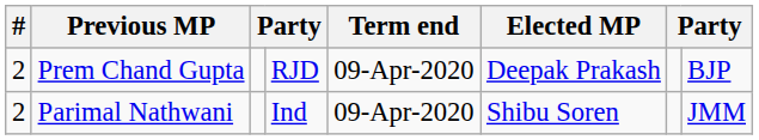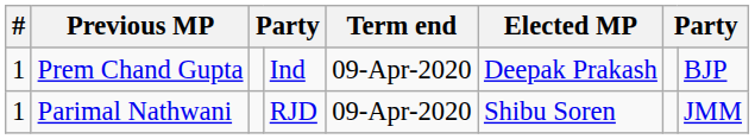 <table class="wikitable sortable">
 <tr>
 <th>#</th>
 <th>Previous MP</th>
 <th colspan="2">Party</th>
 <th>Term end</th>
 <th>Elected MP</th>
 <th colspan="2">Party</th>
 </tr>
 <tr>
-<td>2</td>
+<td>1</td>
 <td><a href='#'>Prem Chand Gupta</a></td>
 <td width="1px"></td>
-<td><a href='#'>RJD</a></td>
+<td><a href='#'>Ind</a></td>
 <td>09-Apr-2020</td>
 <td><a href='#'>Deepak Prakash</a></td>
 <td width="1px"></td>
 <td><a href='#'>BJP</a></td>
 </tr>
 <tr>
-<td>2</td>
+<td>1</td>
 <td><a href='#'>Parimal Nathwani</a></td>
 <td width="1px"></td>
-<td><a href='#'>Ind</a></td>
+<td><a href='#'>RJD</a></td>
 <td>09-Apr-2020</td>
 <td><a href='#'>Shibu Soren</a></td>
 <td width="1px"></td>
 <td><a href='#'>JMM</a></td>
 </tr>
 </table>
